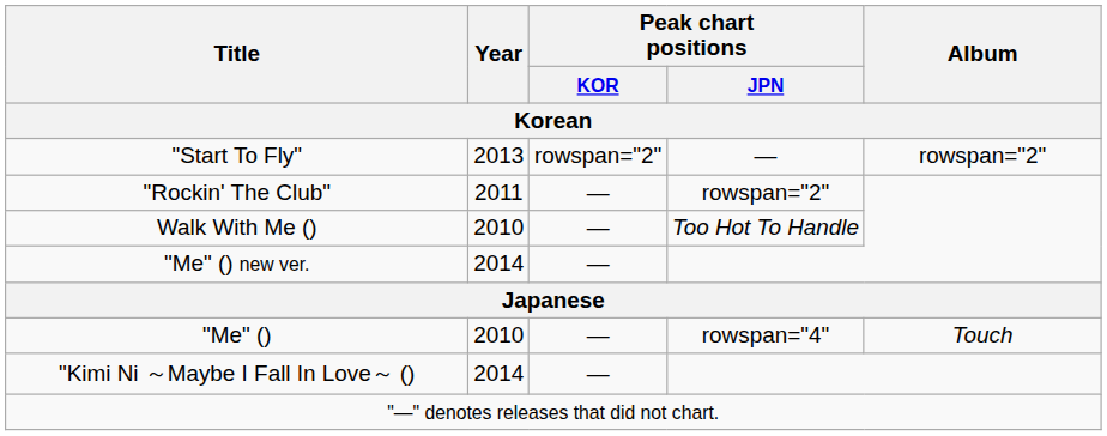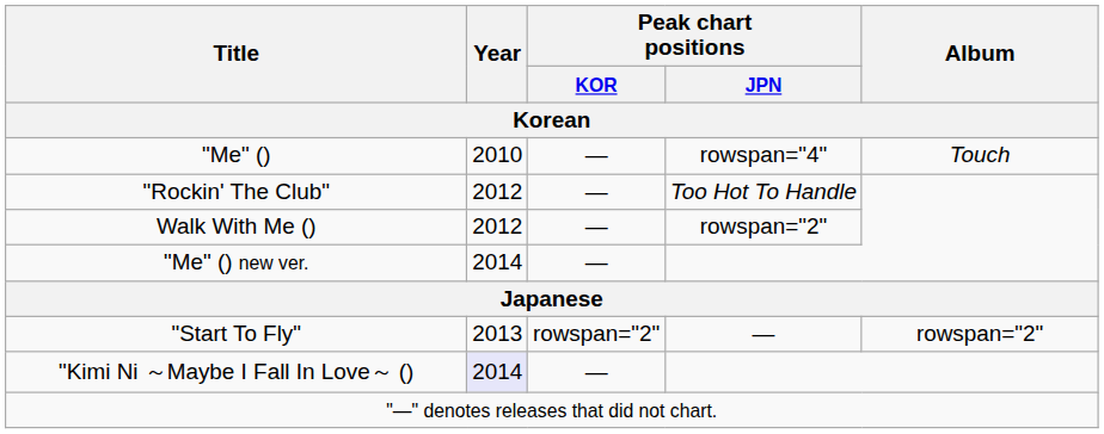 <table class="wikitable plainrowheaders" style="text-align:center;" border="1">
 <tr>
 <th scope="col" rowspan="2" style="width:20em;">Title</th>
 <th scope="col" rowspan="2">Year</th>
 <th scope="col" colspan="2">Peak chart <br> positions</th>
 <th scope="col" rowspan="2" style="width:10em;">Album</th>
 </tr>
 <tr>
 <th><small><a href='#'>KOR</a></small><br></th>
 <th><small><a href='#'>JPN</a></small><br></th>
 </tr>
 <tr>
 <th colspan="5">Korean</th>
 </tr>
 <tr>
-<td>"Start To Fly"</td>
-<td>2013</td>
-<td>rowspan="2" </td>
+<td>"Me" ()</td>
+<td>2010</td>
 <td>—</td>
-<td>rowspan="2" </td>
+<td>rowspan="4" </td>
+<td><em>Touch</em></td>
 </tr>
 <tr>
 <td>"Rockin' The Club"</td>
-<td>2011</td>
+<td>2012</td>
 <td>—</td>
-<td>rowspan="2" </td>
+<td><em>Too Hot To Handle</em></td>
 </tr>
 <tr>
 <td>Walk With Me ()</td>
-<td>2010</td>
+<td>2012</td>
 <td>—</td>
-<td><em>Too Hot To Handle</em></td>
+<td>rowspan="2" </td>
 </tr>
 <tr>
 <td>"Me" () <small>new ver.</small></td>
 <td>2014</td>
 <td>—</td>
 </tr>
 <tr>
 <th colspan="5">Japanese</th>
 </tr>
 <tr>
-<td>"Me" ()</td>
-<td>2010</td>
+<td>"Start To Fly"</td>
+<td>2013</td>
+<td>rowspan="2" </td>
 <td>—</td>
-<td>rowspan="4" </td>
-<td><em>Touch</em></td>
+<td>rowspan="2" </td>
 </tr>
 <tr>
 <td>"Kimi Ni ～Maybe I Fall In Love～ ()</td>
-<td>2014</td>
+<td style="background: lavender;">2014</td>
 <td>—</td>
 </tr>
 <tr>
 <td colspan="5" align="center"><small>"—" denotes releases that did not chart.</small></td>
 </tr>
 </table>
